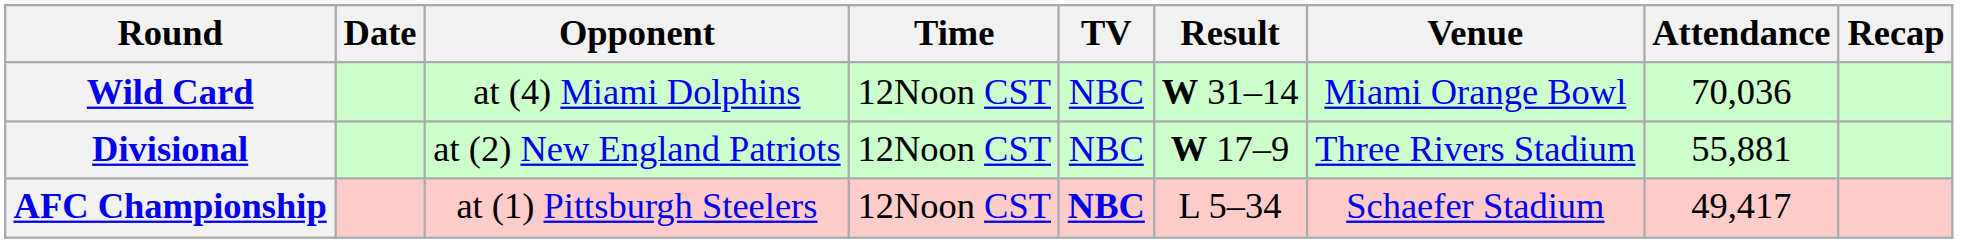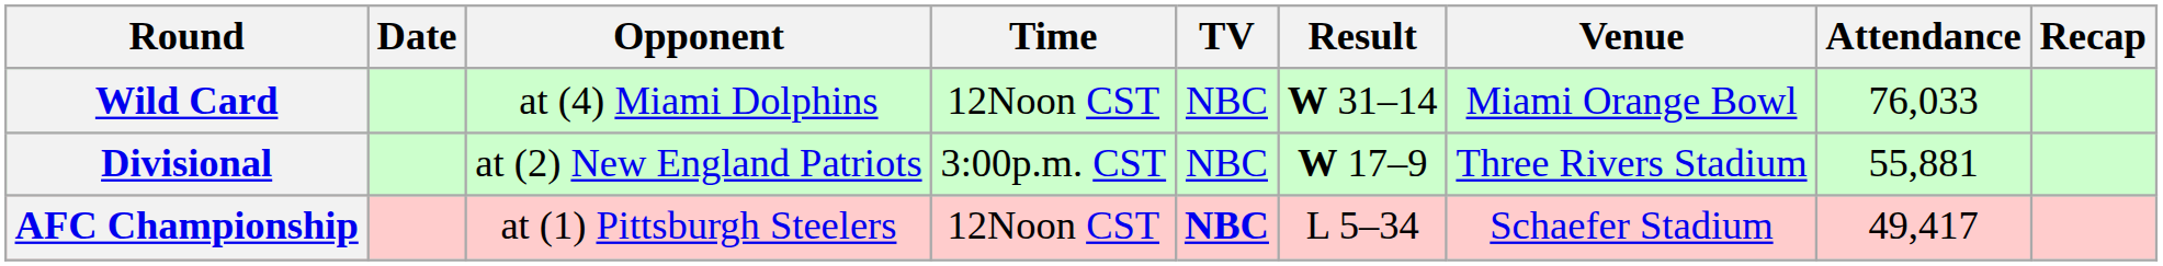 <table class="wikitable" style="text-align:center">
 <tr>
 <th>Round</th>
 <th>Date</th>
 <th>Opponent</th>
 <th>Time</th>
 <th>TV</th>
 <th>Result</th>
 <th>Venue</th>
 <th>Attendance</th>
 <th>Recap</th>
 </tr>
 <tr style="background:#cfc">
 <th><a href='#'>Wild Card</a></th>
 <td></td>
 <td>at (4) <a href='#'>Miami Dolphins</a></td>
 <td>12Noon <a href='#'>CST</a></td>
 <td><a href='#'>NBC</a></td>
 <td><strong>W</strong> 31–14</td>
 <td><a href='#'>Miami Orange Bowl</a></td>
-<td>70,036</td>
+<td>76,033</td>
 <td></td>
 </tr>
 <tr style="background:#cfc">
 <th><a href='#'>Divisional</a></th>
 <td></td>
 <td>at (2) <a href='#'>New England Patriots</a></td>
-<td>12Noon <a href='#'>CST</a></td>
+<td>3:00p.m. <a href='#'>CST</a></td>
 <td><a href='#'>NBC</a></td>
 <td><strong>W</strong> 17–9</td>
 <td><a href='#'>Three Rivers Stadium</a></td>
 <td>55,881</td>
 <td></td>
 </tr>
 <tr style="background:#fcc">
 <th><a href='#'>AFC Championship</a></th>
 <td></td>
 <td>at (1) <a href='#'>Pittsburgh Steelers</a></td>
 <td>12Noon <a href='#'>CST</a></td>
 <td><strong><a href='#'>NBC</a></strong></td>
 <td>L 5–34</td>
 <td><a href='#'>Schaefer Stadium</a></td>
 <td>49,417</td>
 <td></td>
 </tr>
 </table>
